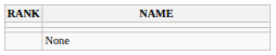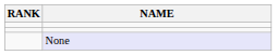 <table class="wikitable">
 <tr>
 <th>RANK</th>
 <th style="width: 20em">NAME</th>
 </tr>
 <tr>
 <td align="center"></td>
 <td></td>
 </tr>
 <tr>
 <td align="center"></td>
 <td></td>
 </tr>
 <tr>
 <td align="center"></td>
-<td>None</td>
+<td style="background: lavender;">None</td>
 </tr>
 </table>
